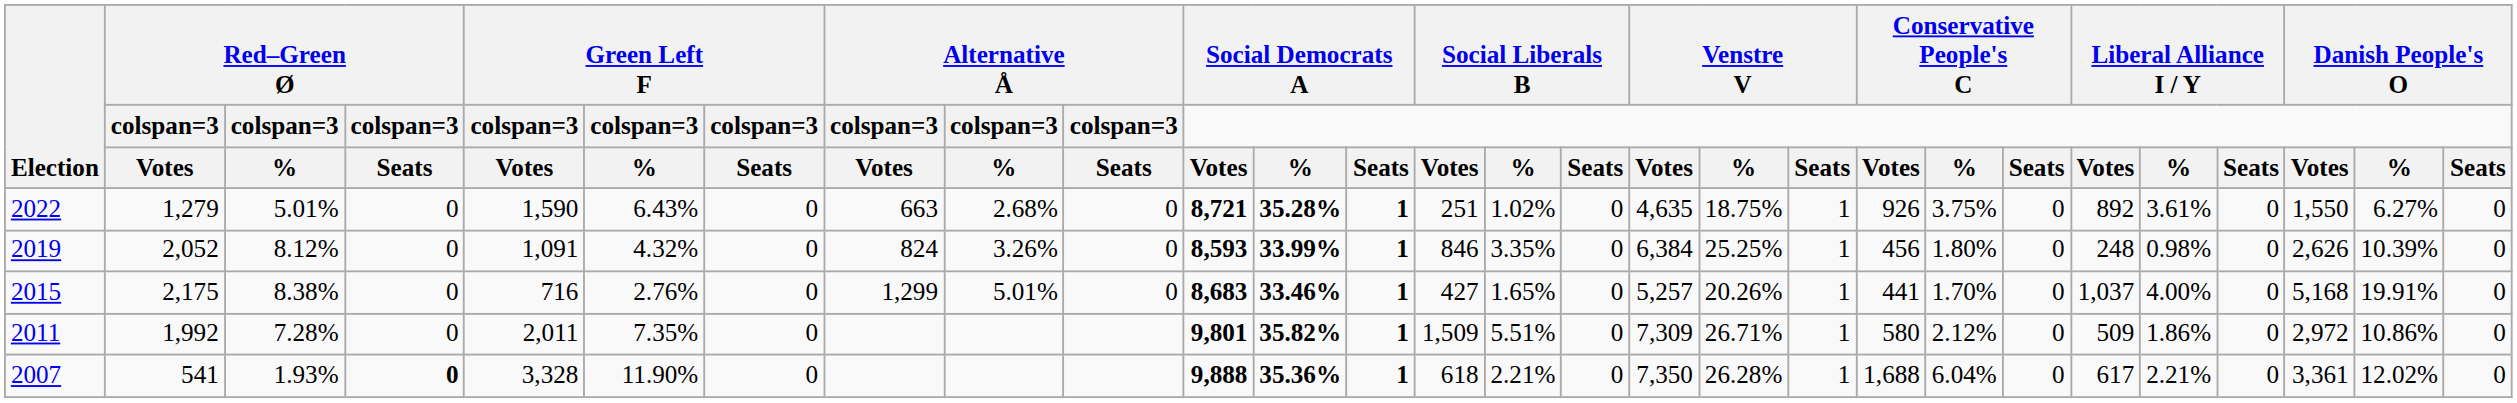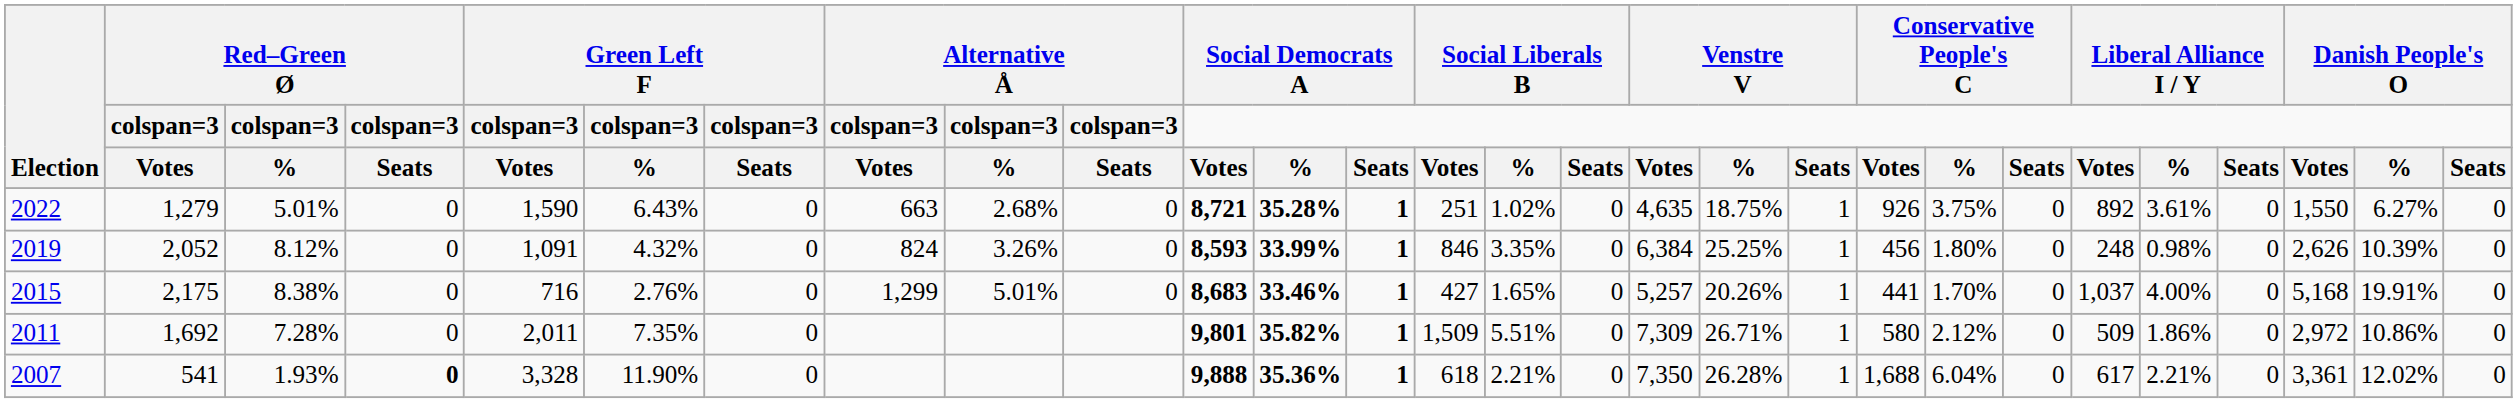 <table class="wikitable" border="1" style="font-size:85%; text-align:right;">
 <tr>
 <th style="text-align:left;" valign=bottom rowspan=3>Election</th>
 <th valign=bottom colspan=3><a href='#'>Red–Green</a><br>Ø</th>
 <th valign=bottom colspan=3><a href='#'>Green Left</a><br>F</th>
 <th valign=bottom colspan=3><a href='#'>Alternative</a><br>Å</th>
 <th valign=bottom colspan=3><a href='#'>Social Democrats</a><br>A</th>
 <th valign=bottom colspan=3><a href='#'>Social Liberals</a><br>B</th>
 <th valign=bottom colspan=3><a href='#'>Venstre</a><br>V</th>
 <th valign=bottom colspan=3><a href='#'>Conservative People's</a><br>C</th>
 <th valign=bottom colspan=3><a href='#'>Liberal Alliance</a><br>I / Y</th>
 <th valign=bottom colspan=3><a href='#'>Danish People's</a><br>O</th>
 </tr>
 <tr>
 <th>colspan=3 </th>
 <th>colspan=3 </th>
 <th>colspan=3 </th>
 <th>colspan=3 </th>
 <th>colspan=3 </th>
 <th>colspan=3 </th>
 <th>colspan=3 </th>
 <th>colspan=3 </th>
 <th>colspan=3 </th>
 </tr>
 <tr>
 <th>Votes</th>
 <th>%</th>
 <th>Seats</th>
 <th>Votes</th>
 <th>%</th>
 <th>Seats</th>
 <th>Votes</th>
 <th>%</th>
 <th>Seats</th>
 <th>Votes</th>
 <th>%</th>
 <th>Seats</th>
 <th>Votes</th>
 <th>%</th>
 <th>Seats</th>
 <th>Votes</th>
 <th>%</th>
 <th>Seats</th>
 <th>Votes</th>
 <th>%</th>
 <th>Seats</th>
 <th>Votes</th>
 <th>%</th>
 <th>Seats</th>
 <th>Votes</th>
 <th>%</th>
 <th>Seats</th>
 </tr>
 <tr>
 <td align=left><a href='#'>2022</a></td>
 <td>1,279</td>
 <td>5.01%</td>
 <td>0</td>
 <td>1,590</td>
 <td>6.43%</td>
 <td>0</td>
 <td>663</td>
 <td>2.68%</td>
 <td>0</td>
 <td><strong>8,721</strong></td>
 <td><strong>35.28%</strong></td>
 <td><strong>1</strong></td>
 <td>251</td>
 <td>1.02%</td>
 <td>0</td>
 <td>4,635</td>
 <td>18.75%</td>
 <td>1</td>
 <td>926</td>
 <td>3.75%</td>
 <td>0</td>
 <td>892</td>
 <td>3.61%</td>
 <td>0</td>
 <td>1,550</td>
 <td>6.27%</td>
 <td>0</td>
 </tr>
 <tr>
 <td align=left><a href='#'>2019</a></td>
 <td>2,052</td>
 <td>8.12%</td>
 <td>0</td>
 <td>1,091</td>
 <td>4.32%</td>
 <td>0</td>
 <td>824</td>
 <td>3.26%</td>
 <td>0</td>
 <td><strong>8,593</strong></td>
 <td><strong>33.99%</strong></td>
 <td><strong>1</strong></td>
 <td>846</td>
 <td>3.35%</td>
 <td>0</td>
 <td>6,384</td>
 <td>25.25%</td>
 <td>1</td>
 <td>456</td>
 <td>1.80%</td>
 <td>0</td>
 <td>248</td>
 <td>0.98%</td>
 <td>0</td>
 <td>2,626</td>
 <td>10.39%</td>
 <td>0</td>
 </tr>
 <tr>
 <td align=left><a href='#'>2015</a></td>
 <td>2,175</td>
 <td>8.38%</td>
 <td>0</td>
 <td>716</td>
 <td>2.76%</td>
 <td>0</td>
 <td>1,299</td>
 <td>5.01%</td>
 <td>0</td>
 <td><strong>8,683</strong></td>
 <td><strong>33.46%</strong></td>
 <td><strong>1</strong></td>
 <td>427</td>
 <td>1.65%</td>
 <td>0</td>
 <td>5,257</td>
 <td>20.26%</td>
 <td>1</td>
 <td>441</td>
 <td>1.70%</td>
 <td>0</td>
 <td>1,037</td>
 <td>4.00%</td>
 <td>0</td>
 <td>5,168</td>
 <td>19.91%</td>
 <td>0</td>
 </tr>
 <tr>
 <td align=left><a href='#'>2011</a></td>
-<td>1,992</td>
+<td>1,692</td>
 <td>7.28%</td>
 <td>0</td>
 <td>2,011</td>
 <td>7.35%</td>
 <td>0</td>
 <td></td>
 <td></td>
 <td></td>
 <td><strong>9,801</strong></td>
 <td><strong>35.82%</strong></td>
 <td><strong>1</strong></td>
 <td>1,509</td>
 <td>5.51%</td>
 <td>0</td>
 <td>7,309</td>
 <td>26.71%</td>
 <td>1</td>
 <td>580</td>
 <td>2.12%</td>
 <td>0</td>
 <td>509</td>
 <td>1.86%</td>
 <td>0</td>
 <td>2,972</td>
 <td>10.86%</td>
 <td>0</td>
 </tr>
 <tr>
 <td align=left><a href='#'>2007</a></td>
 <td>541</td>
 <td>1.93%</td>
 <td><strong>0</strong></td>
 <td>3,328</td>
 <td>11.90%</td>
 <td>0</td>
 <td></td>
 <td></td>
 <td></td>
 <td><strong>9,888</strong></td>
 <td><strong>35.36%</strong></td>
 <td><strong>1</strong></td>
 <td>618</td>
 <td>2.21%</td>
 <td>0</td>
 <td>7,350</td>
 <td>26.28%</td>
 <td>1</td>
 <td>1,688</td>
 <td>6.04%</td>
 <td>0</td>
 <td>617</td>
 <td>2.21%</td>
 <td>0</td>
 <td>3,361</td>
 <td>12.02%</td>
 <td>0</td>
 </tr>
 </table>
